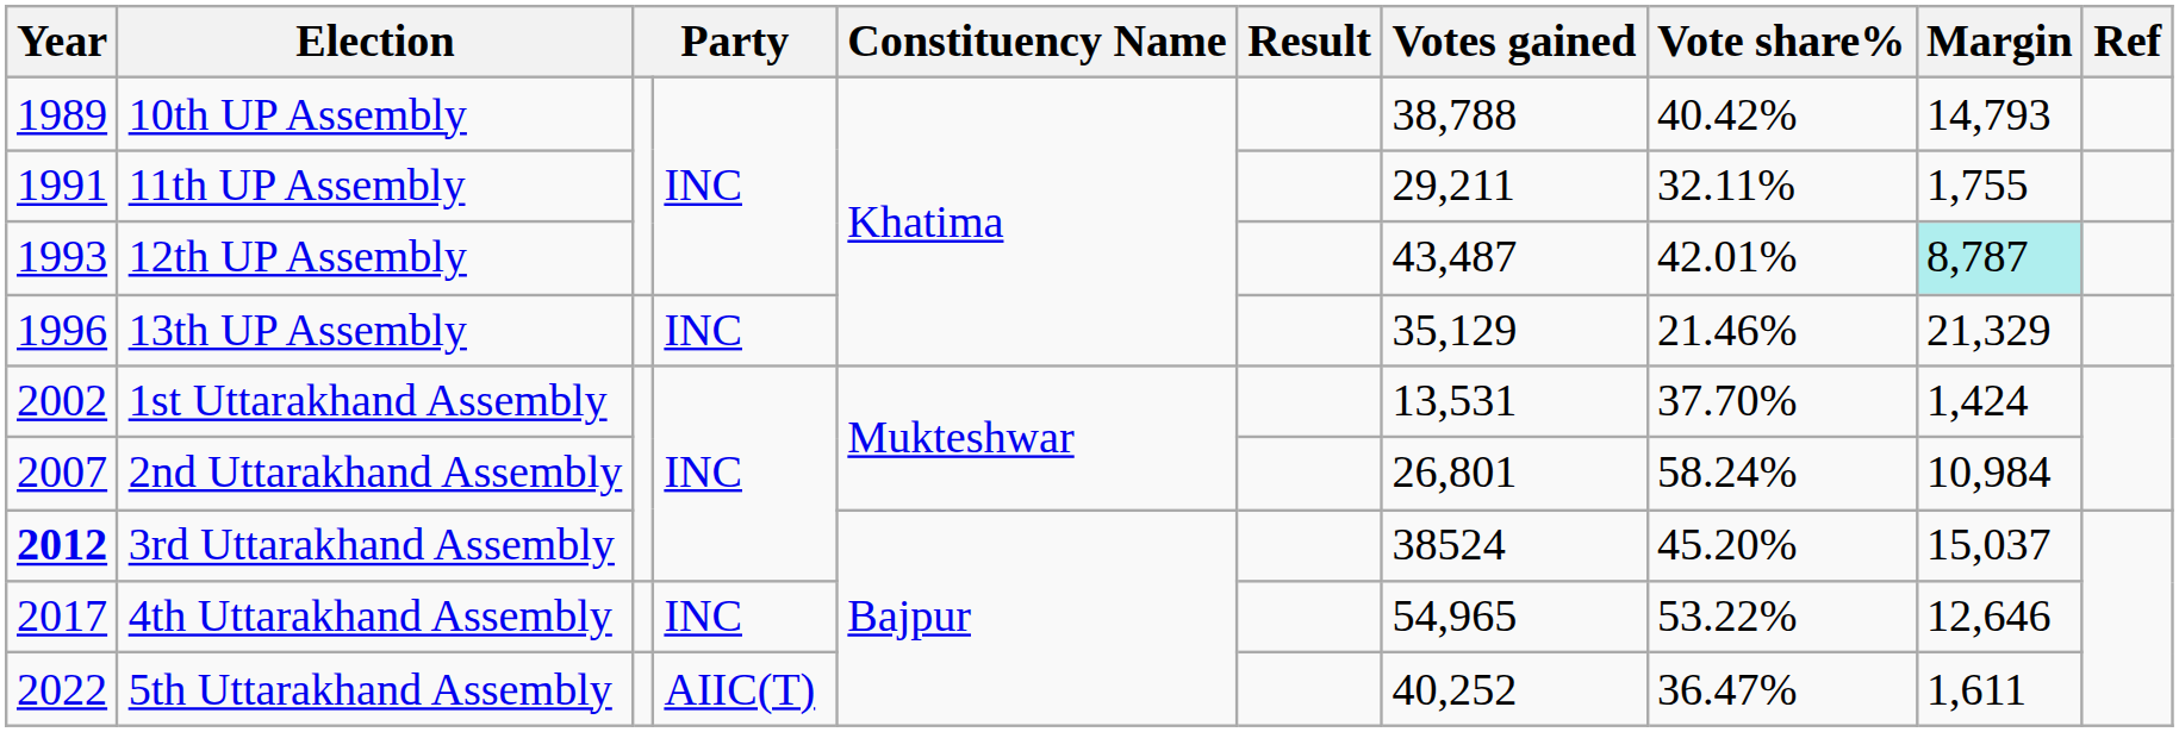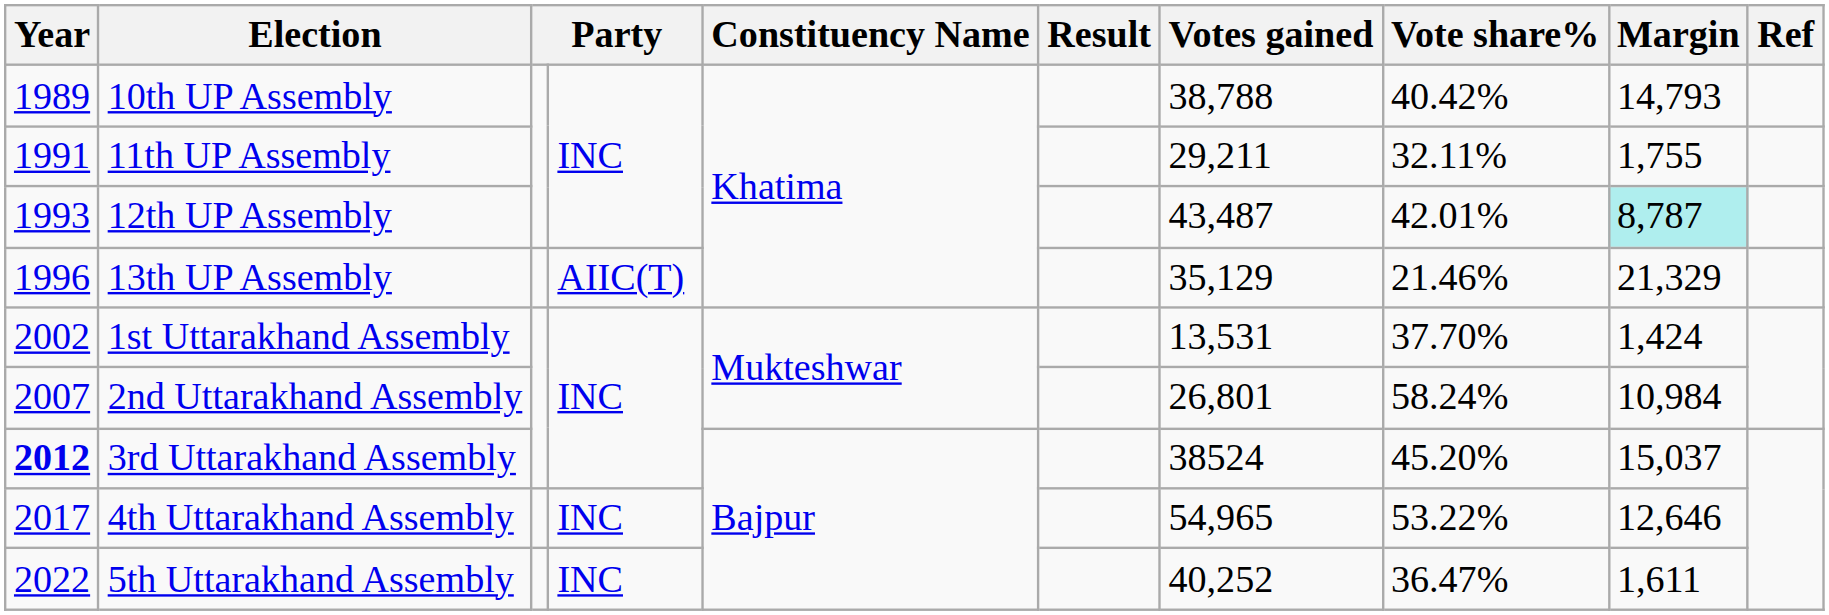 <table class="wikitable">
 <tr>
 <th>Year</th>
 <th>Election</th>
 <th colspan="2">Party</th>
 <th>Constituency Name</th>
 <th>Result</th>
 <th>Votes gained</th>
 <th>Vote share%</th>
 <th>Margin</th>
 <th>Ref</th>
 </tr>
 <tr>
 <td><a href='#'>1989</a></td>
 <td><a href='#'>10th UP Assembly</a></td>
 <td rowspan="3" style="background-color: "></td>
 <td rowspan="3"><a href='#'>INC</a> </td>
 <td rowspan="4"><a href='#'>Khatima</a></td>
 <td></td>
 <td>38,788</td>
 <td>40.42%</td>
 <td>14,793</td>
 <td></td>
 </tr>
 <tr>
 <td><a href='#'>1991</a></td>
 <td><a href='#'>11th UP Assembly</a></td>
 <td></td>
 <td>29,211</td>
 <td>32.11%</td>
 <td>1,755</td>
 <td></td>
 </tr>
 <tr>
 <td><a href='#'>1993</a></td>
 <td><a href='#'>12th UP Assembly</a></td>
 <td></td>
 <td>43,487</td>
 <td>42.01%</td>
 <td style="background: paleturquoise;">8,787</td>
 <td></td>
 </tr>
 <tr>
 <td><a href='#'>1996</a></td>
 <td><a href='#'>13th UP Assembly</a></td>
 <td style="background-color: "></td>
-<td><a href='#'>INC</a> </td>
+<td><a href='#'>AIIC(T)</a> </td>
 <td></td>
 <td>35,129</td>
 <td>21.46%</td>
 <td>21,329</td>
 <td></td>
 </tr>
 <tr>
 <td><a href='#'>2002</a></td>
 <td><a href='#'>1st Uttarakhand Assembly</a></td>
 <td rowspan="3" style="background-color: "></td>
 <td rowspan="3"><a href='#'>INC</a> </td>
 <td rowspan="2"><a href='#'>Mukteshwar</a></td>
 <td></td>
 <td>13,531</td>
 <td>37.70%</td>
 <td>1,424</td>
 <td rowspan="2"></td>
 </tr>
 <tr>
 <td><a href='#'>2007</a></td>
 <td><a href='#'>2nd Uttarakhand Assembly</a></td>
 <td></td>
 <td>26,801</td>
 <td>58.24%</td>
 <td>10,984</td>
 </tr>
 <tr>
 <td><strong><a href='#'>2012</a></strong></td>
 <td><a href='#'>3rd Uttarakhand Assembly</a></td>
 <td rowspan="3"><a href='#'>Bajpur</a></td>
 <td></td>
 <td>38524</td>
 <td>45.20%</td>
 <td>15,037</td>
 <td rowspan="3"></td>
 </tr>
 <tr>
 <td><a href='#'>2017</a></td>
 <td><a href='#'>4th Uttarakhand Assembly</a></td>
 <td style="background-color: "></td>
 <td><a href='#'>INC</a> </td>
 <td></td>
 <td>54,965</td>
 <td>53.22%</td>
 <td>12,646</td>
 </tr>
 <tr>
 <td><a href='#'>2022</a></td>
 <td><a href='#'>5th Uttarakhand Assembly</a></td>
 <td style="background-color: "></td>
-<td><a href='#'>AIIC(T)</a> </td>
+<td><a href='#'>INC</a> </td>
 <td></td>
 <td>40,252</td>
 <td>36.47%</td>
 <td>1,611</td>
 </tr>
 </table>
